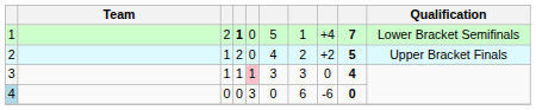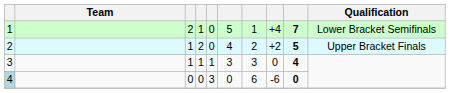 <table class="wikitable" style="text-align: center;">
 <tr>
 <th></th>
 <th width=250>Team</th>
 <th></th>
 <th></th>
 <th></th>
 <th width="30"></th>
 <th width="30"></th>
 <th></th>
 <th width="30"></th>
 <th width=200>Qualification</th>
 </tr>
 <tr style="background-color:#cfc">
 <td>1</td>
 <td align=left></td>
 <td>2</td>
-<td><strong>1</strong></td>
+<td>1</td>
 <td>0</td>
 <td>5</td>
 <td>1</td>
 <td>+4</td>
 <td><strong>7</strong></td>
 <td>Lower Bracket Semifinals</td>
 </tr>
 <tr style="background-color:#DDFBFF">
 <td>2</td>
 <td align=left></td>
 <td>1</td>
 <td>2</td>
 <td>0</td>
 <td>4</td>
 <td>2</td>
 <td>+2</td>
 <td><strong>5</strong></td>
 <td>Upper Bracket Finals</td>
 </tr>
 <tr>
 <td>3</td>
 <td align=left></td>
 <td>1</td>
 <td>1</td>
-<td style="background: pink;">1</td>
+<td>1</td>
 <td>3</td>
 <td>3</td>
 <td>0</td>
 <td><strong>4</strong></td>
 <td rowspan=2></td>
 </tr>
 <tr>
 <td style="background: lightblue;">4</td>
 <td align=left></td>
 <td>0</td>
 <td>0</td>
 <td>3</td>
 <td>0</td>
 <td>6</td>
 <td>-6</td>
 <td><strong>0</strong></td>
 </tr>
 <tr>
 </tr>
 </table>
